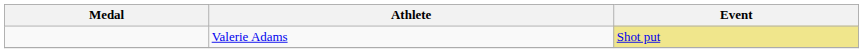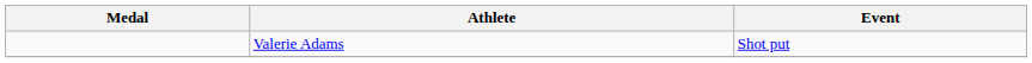 <table class="wikitable" style="font-size:90%" width=60%>
 <tr>
 <th>Medal</th>
 <th>Athlete</th>
 <th>Event</th>
 </tr>
 <tr>
 <td></td>
 <td><a href='#'>Valerie Adams</a></td>
-<td style="background: khaki;"><a href='#'>Shot put</a></td>
+<td><a href='#'>Shot put</a></td>
 </tr>
 <tr>
 </tr>
 </table>
